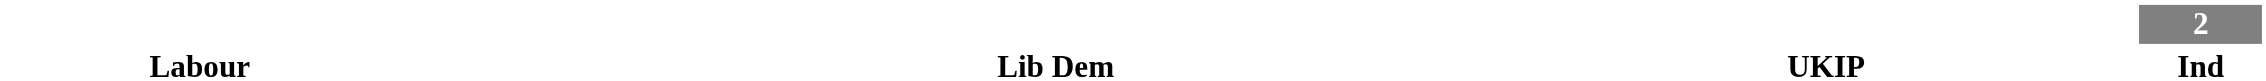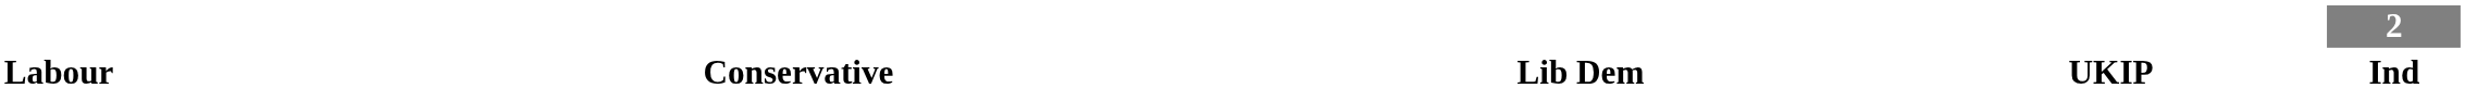 <table style="width:100%; text-align:center;">
 <tr style="color:white;">
 <td style="background-color:"><strong>24</strong></td>
+<td style="background-color:"><strong>9</strong></td>
 <td style="background-color:"><strong>3</strong></td>
 <td style="background-color:"><strong>3</strong></td>
 <td style="background-color:gray; width:5%;"><strong>2</strong></td>
 </tr>
 <tr>
 <td><span><strong>Labour</strong></span></td>
+<td><span><strong>Conservative</strong></span></td>
 <td><span><strong>Lib Dem</strong></span></td>
 <td><span><strong>UKIP</strong></span></td>
 <td><span><strong>Ind</strong></span></td>
 </tr>
 </table>
